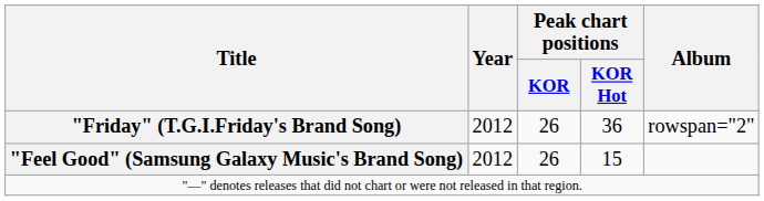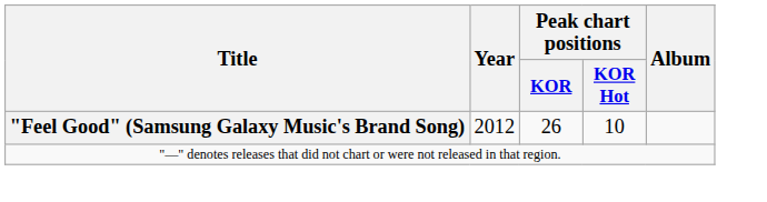 <table class="wikitable plainrowheaders" style="text-align:center" border="1">
 <tr>
 <th rowspan="2">Title</th>
 <th rowspan="2">Year</th>
 <th colspan="2">Peak chart positions</th>
 <th rowspan="2">Album</th>
 </tr>
 <tr>
 <th scope="col" style="width:3em;font-size:90%"><a href='#'>KOR</a><br></th>
 <th scope="col" style="width:3em;font-size:90%"><a href='#'>KOR Hot</a><br></th>
 </tr>
 <tr>
-<th scope="row">"Friday" (T.G.I.Friday's Brand Song)</th>
-<td>2012</td>
-<td>26</td>
-<td>36</td>
-<td>rowspan="2" </td>
-</tr>
-<tr>
 <th scope="row">"Feel Good" (Samsung Galaxy Music's Brand Song)</th>
 <td>2012</td>
 <td>26</td>
-<td>15</td>
+<td>10</td>
 </tr>
 <tr>
 <td colspan="5" style="text-align:center; font-size:8pt">"—" denotes releases that did not chart or were not released in that region.</td>
 </tr>
 </table>
